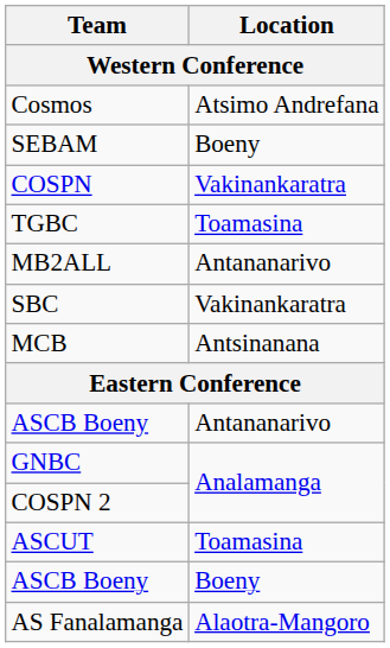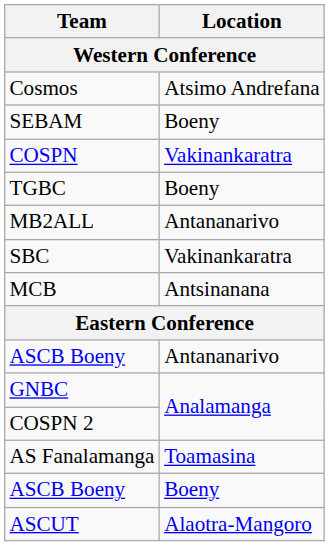 <table class="wikitable">
 <tr>
 <th>Team</th>
 <th>Location</th>
 </tr>
 <tr>
 <th colspan="2"><strong>Western Conference</strong></th>
 </tr>
 <tr>
 <td>Cosmos</td>
 <td>Atsimo Andrefana</td>
 </tr>
 <tr>
 <td>SEBAM</td>
 <td>Boeny</td>
 </tr>
 <tr>
 <td><a href='#'>COSPN</a></td>
 <td><a href='#'>Vakinankaratra</a></td>
 </tr>
 <tr>
 <td>TGBC</td>
-<td><a href='#'>Toamasina</a></td>
+<td>Boeny</td>
 </tr>
 <tr>
 <td>MB2ALL</td>
 <td>Antananarivo</td>
 </tr>
 <tr>
 <td>SBC</td>
 <td>Vakinankaratra</td>
 </tr>
 <tr>
 <td>MCB</td>
 <td>Antsinanana</td>
 </tr>
 <tr>
 <th colspan="2"><strong>Eastern Conference</strong></th>
 </tr>
 <tr>
 <td><a href='#'>ASCB Boeny</a></td>
 <td>Antananarivo</td>
 </tr>
 <tr>
 <td><a href='#'>GNBC</a></td>
 <td rowspan="2"><a href='#'>Analamanga</a></td>
 </tr>
 <tr>
 <td>COSPN 2</td>
 </tr>
 <tr>
-<td><a href='#'>ASCUT</a></td>
+<td>AS Fanalamanga</td>
 <td><a href='#'>Toamasina</a></td>
 </tr>
 <tr>
 <td><a href='#'>ASCB Boeny</a></td>
 <td><a href='#'>Boeny</a></td>
 </tr>
 <tr>
-<td>AS Fanalamanga</td>
+<td><a href='#'>ASCUT</a></td>
 <td><a href='#'>Alaotra-Mangoro</a></td>
 </tr>
 </table>
